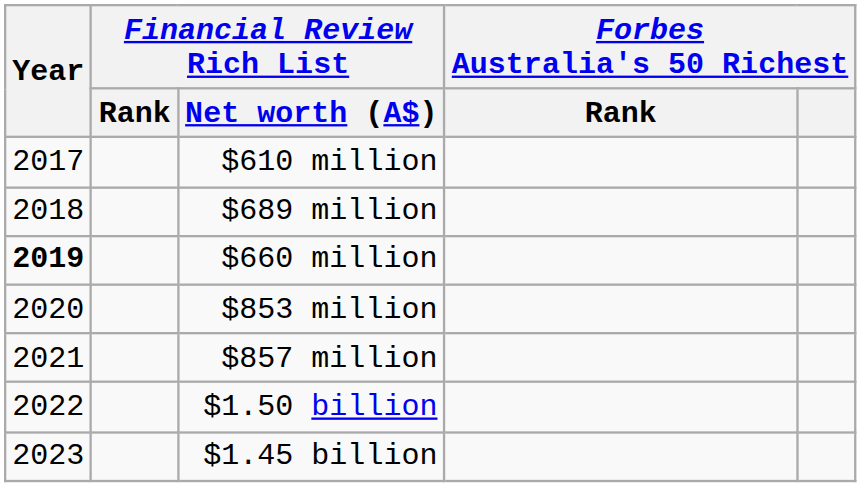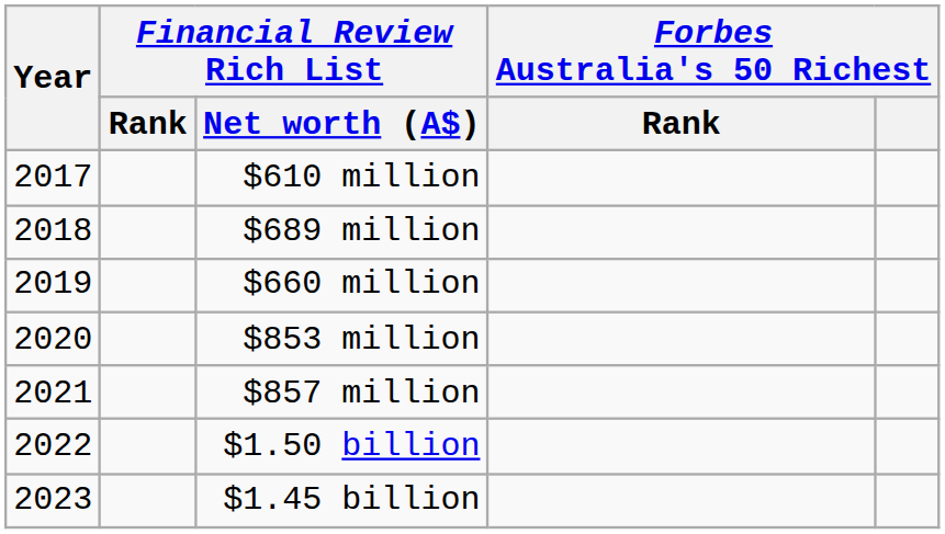 <table class="wikitable">
 <tr>
 <th rowspan=2>Year</th>
 <th colspan=2><em><a href='#'>Financial Review</a></em><br><a href='#'>Rich List</a></th>
 <th colspan=2><em><a href='#'>Forbes</a></em><br><a href='#'>Australia's 50 Richest</a></th>
 </tr>
 <tr>
 <th>Rank</th>
 <th><a href='#'>Net worth</a> (<a href='#'>A$</a>)</th>
 <th>Rank</th>
 <th></th>
 </tr>
 <tr>
 <td>2017</td>
 <td align="center"></td>
 <td align="right">$610 million</td>
 <td align="center"></td>
 <td align="right"></td>
 </tr>
 <tr>
 <td>2018</td>
 <td align="center"></td>
 <td align="right">$689 million </td>
 <td align="center"></td>
 <td align="right"></td>
 </tr>
 <tr>
-<td><strong>2019</strong></td>
+<td>2019</td>
 <td align="center"></td>
 <td align="right">$660 million </td>
 <td align="center"></td>
 <td align="right"></td>
 </tr>
 <tr>
 <td>2020</td>
 <td align="center"></td>
 <td align="right">$853 million </td>
 <td align="center"></td>
 <td align="right"></td>
 </tr>
 <tr>
 <td>2021</td>
 <td align="center"></td>
 <td align="right">$857 million </td>
 <td align="center"></td>
 <td align="right"></td>
 </tr>
 <tr>
 <td>2022</td>
 <td align="center"></td>
 <td align="right">$1.50 <a href='#'>billion</a> </td>
 <td align="center"></td>
 <td align="right"></td>
 </tr>
 <tr>
 <td>2023</td>
 <td align="center"></td>
 <td align="right">$1.45 billion </td>
 <td align="center"></td>
 <td align="right"></td>
 </tr>
 </table>
